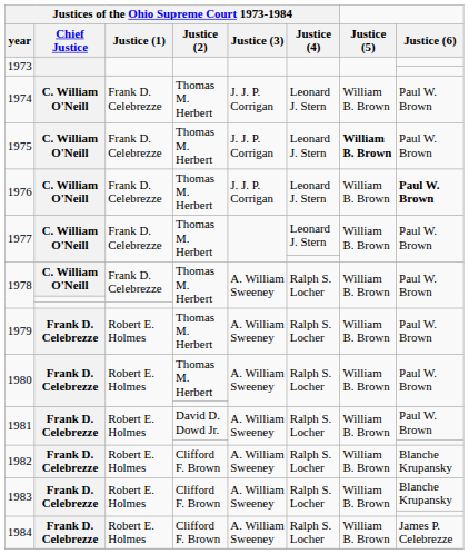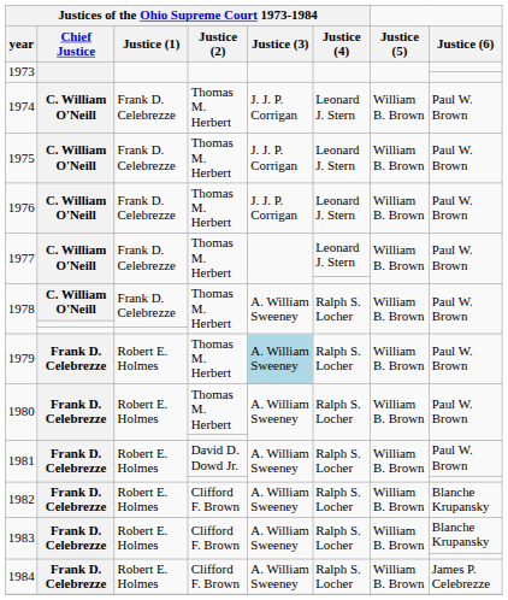 <table class="wikitable collapsible collapsed">
 <tr>
 <th colspan=6>Justices of the <a href='#'>Ohio Supreme Court</a> 1973-1984</th>
 </tr>
 <tr>
 <th>year</th>
 <th><a href='#'>Chief Justice</a></th>
 <th>Justice (1)</th>
 <th>Justice (2)</th>
 <th>Justice (3)</th>
 <th>Justice (4)</th>
 <th>Justice (5)</th>
 <th>Justice (6)</th>
 </tr>
 <tr>
 <td rowspan=2>1973</td>
 <th rowspan=2  ></th>
 <td rowspan=2  ></td>
 <td rowspan=2  ></td>
 <td rowspan=2  ></td>
 <td rowspan=2  ></td>
 <td rowspan=2  ></td>
 <td></td>
 </tr>
 <tr>
 <td></td>
 </tr>
 <tr>
 <td>1974</td>
 <th>C. William O'Neill</th>
 <td>Frank D. Celebrezze</td>
 <td>Thomas M. Herbert</td>
 <td>J. J. P. Corrigan</td>
 <td>Leonard J. Stern</td>
 <td>William B. Brown</td>
 <td>Paul W. Brown</td>
 </tr>
 <tr>
 <td>1975</td>
 <th>C. William O'Neill</th>
 <td>Frank D. Celebrezze</td>
 <td>Thomas M. Herbert</td>
 <td>J. J. P. Corrigan</td>
 <td>Leonard J. Stern</td>
-<td><strong>William B. Brown</strong></td>
+<td>William B. Brown</td>
 <td>Paul W. Brown</td>
 </tr>
 <tr>
 <td>1976</td>
 <th>C. William O'Neill</th>
 <td>Frank D. Celebrezze</td>
 <td>Thomas M. Herbert</td>
 <td>J. J. P. Corrigan</td>
 <td>Leonard J. Stern</td>
 <td>William B. Brown</td>
-<td><strong>Paul W. Brown</strong></td>
+<td>Paul W. Brown</td>
 </tr>
 <tr>
 <td rowspan=2>1977</td>
 <th rowspan=2  >C. William O'Neill</th>
 <td rowspan=2  >Frank D. Celebrezze</td>
 <td rowspan=2  >Thomas M. Herbert</td>
 <td rowspan=2  ></td>
 <td>Leonard J. Stern</td>
 <td rowspan=2  >William B. Brown</td>
 <td rowspan=2  >Paul W. Brown</td>
 </tr>
 <tr>
 <td></td>
 </tr>
 <tr>
 <td rowspan=3>1978</td>
 <th>C. William O'Neill</th>
 <td rowspan=2  >Frank D. Celebrezze</td>
 <td rowspan=3  >Thomas M. Herbert</td>
 <td rowspan=3  >A. William Sweeney</td>
 <td rowspan=3  >Ralph S. Locher</td>
 <td rowspan=3  >William B. Brown</td>
 <td rowspan=3  >Paul W. Brown</td>
 </tr>
 <tr>
 <td></td>
 </tr>
 <tr>
 <td></td>
 <td></td>
 </tr>
 <tr>
 <td>1979</td>
 <th>Frank D. Celebrezze</th>
 <td>Robert E. Holmes</td>
 <td>Thomas M. Herbert</td>
-<td>A. William Sweeney</td>
+<td style="background: lightblue;">A. William Sweeney</td>
 <td>Ralph S. Locher</td>
 <td>William B. Brown</td>
 <td>Paul W. Brown</td>
 </tr>
 <tr>
 <td rowspan=2>1980</td>
 <th rowspan=2 >Frank D. Celebrezze</th>
 <td rowspan=2 >Robert E. Holmes</td>
 <td>Thomas M. Herbert</td>
 <td rowspan=2 >A. William Sweeney</td>
 <td rowspan=2 >Ralph S. Locher</td>
 <td rowspan=2 >William B. Brown</td>
 <td rowspan=2 >Paul W. Brown</td>
 </tr>
 <tr>
 <td></td>
 </tr>
 <tr>
 <td rowspan=2>1981</td>
 <th rowspan=2  >Frank D. Celebrezze</th>
 <td rowspan=2  >Robert E. Holmes</td>
 <td>David D. Dowd Jr.</td>
 <td rowspan=2  >A. William Sweeney</td>
 <td rowspan=2  >Ralph S. Locher</td>
 <td rowspan=2  >William B. Brown</td>
 <td>Paul W. Brown</td>
 </tr>
 <tr>
 <td></td>
 <td></td>
 </tr>
 <tr>
 <td>1982</td>
 <th>Frank D. Celebrezze</th>
 <td>Robert E. Holmes</td>
 <td>Clifford F. Brown</td>
 <td>A. William Sweeney</td>
 <td>Ralph S. Locher</td>
 <td>William B. Brown</td>
 <td>Blanche Krupansky</td>
 </tr>
 <tr>
 <td rowspan=2>1983</td>
 <th rowspan=2  >Frank D. Celebrezze</th>
 <td rowspan=2  >Robert E. Holmes</td>
 <td rowspan=2  >Clifford F. Brown</td>
 <td rowspan=2  >A. William Sweeney</td>
 <td rowspan=2  >Ralph S. Locher</td>
 <td rowspan=2  >William B. Brown</td>
 <td>Blanche Krupansky</td>
 </tr>
 <tr>
 <td></td>
 </tr>
 <tr>
 <td>1984</td>
 <th>Frank D. Celebrezze</th>
 <td>Robert E. Holmes</td>
 <td>Clifford F. Brown</td>
 <td>A. William Sweeney</td>
 <td>Ralph S. Locher</td>
 <td>William B. Brown</td>
 <td>James P. Celebrezze</td>
 </tr>
 <tr>
 </tr>
 </table>
